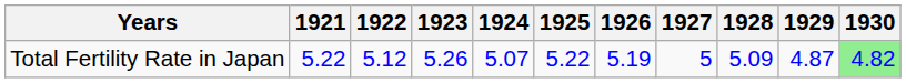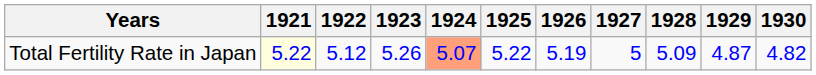 <table class="wikitable " style="text-align:right">
 <tr>
 <th>Years</th>
 <th>1921</th>
 <th>1922</th>
 <th>1923</th>
 <th>1924</th>
 <th>1925</th>
 <th>1926</th>
 <th>1927</th>
 <th>1928</th>
 <th>1929</th>
 <th>1930</th>
 </tr>
 <tr>
 <td align="left">Total Fertility Rate in Japan</td>
-<td style="text-align:right; color:blue;">5.22</td>
+<td style="background: lightyellow; text-align:right; color:blue;">5.22</td>
 <td style="text-align:right; color:blue;">5.12</td>
 <td style="text-align:right; color:blue;">5.26</td>
-<td style="text-align:right; color:blue;">5.07</td>
+<td style="background: lightsalmon; text-align:right; color:blue;">5.07</td>
 <td style="text-align:right; color:blue;">5.22</td>
 <td style="text-align:right; color:blue;">5.19</td>
 <td style="text-align:right; color:blue;">5</td>
 <td style="text-align:right; color:blue;">5.09</td>
 <td style="text-align:right; color:blue;">4.87</td>
-<td style="background: lightgreen; text-align:right; color:blue;">4.82</td>
+<td style="text-align:right; color:blue;">4.82</td>
 </tr>
 </table>
